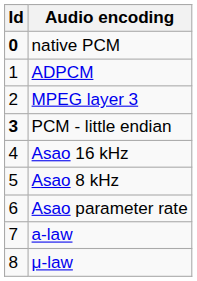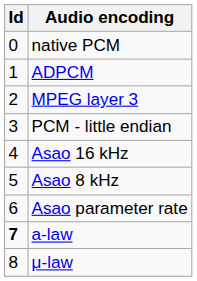 <table class="wikitable">
 <tr>
 <th>Id</th>
 <th>Audio encoding</th>
 </tr>
 <tr>
-<td><strong>0</strong></td>
+<td>0</td>
 <td>native PCM</td>
 </tr>
 <tr>
 <td>1</td>
 <td><a href='#'>ADPCM</a></td>
 </tr>
 <tr>
 <td>2</td>
 <td><a href='#'>MPEG layer 3</a></td>
 </tr>
 <tr>
-<td><strong>3</strong></td>
+<td>3</td>
 <td>PCM - little endian</td>
 </tr>
 <tr>
 <td>4</td>
 <td><a href='#'>Asao</a> 16 kHz</td>
 </tr>
 <tr>
 <td>5</td>
 <td><a href='#'>Asao</a> 8 kHz</td>
 </tr>
 <tr>
 <td>6</td>
 <td><a href='#'>Asao</a> parameter rate</td>
 </tr>
 <tr>
-<td>7</td>
+<td><strong>7</strong></td>
 <td><a href='#'>a-law</a></td>
 </tr>
 <tr>
 <td>8</td>
 <td><a href='#'>μ-law</a></td>
 </tr>
 </table>
